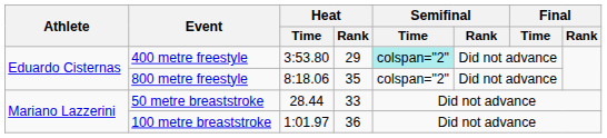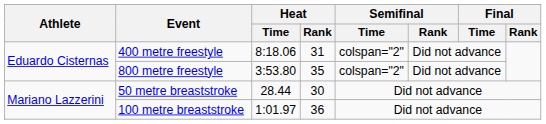 <table class="wikitable" style="text-align:center; font-size:90%; width:50%;">
 <tr>
 <th rowspan="2">Athlete</th>
 <th rowspan="2">Event</th>
 <th colspan="2">Heat</th>
 <th colspan="2">Semifinal</th>
 <th colspan="2">Final</th>
 </tr>
 <tr style="font-size:95%">
 <th>Time</th>
 <th>Rank</th>
 <th>Time</th>
 <th>Rank</th>
 <th>Time</th>
 <th>Rank</th>
 </tr>
 <tr>
 <td align=left rowspan=2><a href='#'>Eduardo Cisternas</a></td>
 <td align=left><a href='#'>400 metre freestyle</a></td>
-<td>3:53.80</td>
-<td>29</td>
-<td style="background: paleturquoise;">colspan="2" </td>
+<td>8:18.06</td>
+<td>31</td>
+<td>colspan="2" </td>
 <td colspan="2">Did not advance</td>
 </tr>
 <tr>
 <td align=left><a href='#'>800 metre freestyle</a></td>
-<td>8:18.06</td>
+<td>3:53.80</td>
 <td>35</td>
 <td>colspan="2" </td>
 <td colspan="2">Did not advance</td>
 </tr>
 <tr>
 <td align=left rowspan=2><a href='#'>Mariano Lazzerini</a></td>
 <td align=left><a href='#'>50 metre breaststroke</a></td>
 <td>28.44</td>
-<td>33</td>
+<td>30</td>
 <td colspan=4>Did not advance</td>
 </tr>
 <tr>
 <td align=left><a href='#'>100 metre breaststroke</a></td>
 <td>1:01.97</td>
 <td>36</td>
 <td colspan=4>Did not advance</td>
 </tr>
 </table>
